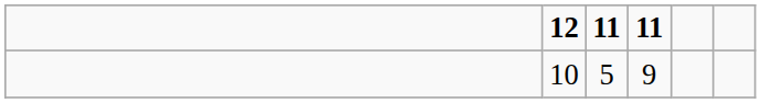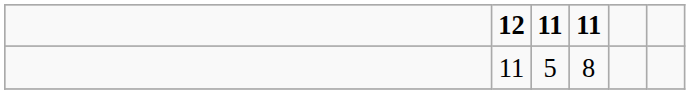 <table class="wikitable">
 <tr>
 <td style="width:18em"></td>
 <td align=center style="width:1em"><strong>12</strong></td>
 <td align=center style="width:1em"><strong>11</strong></td>
 <td align=center style="width:1em"><strong>11</strong></td>
 <td align=center style="width:1em"></td>
 <td align=center style="width:1em"></td>
 </tr>
 <tr>
 <td style="width:18em"></td>
-<td align=center style="width:1em">10</td>
+<td align=center style="width:1em">11</td>
 <td align=center style="width:1em">5</td>
-<td align=center style="width:1em">9</td>
+<td align=center style="width:1em">8</td>
 <td align=center style="width:1em"></td>
 <td align=center style="width:1em"></td>
 </tr>
 </table>
